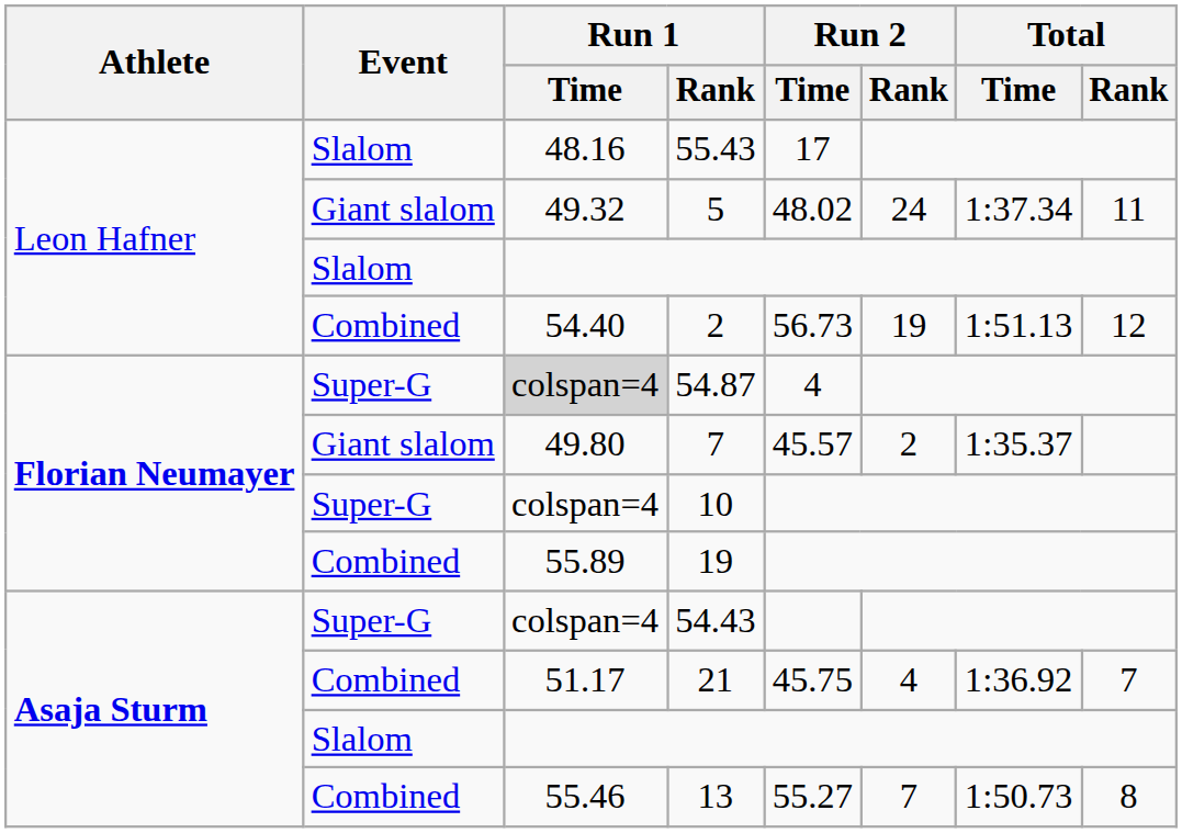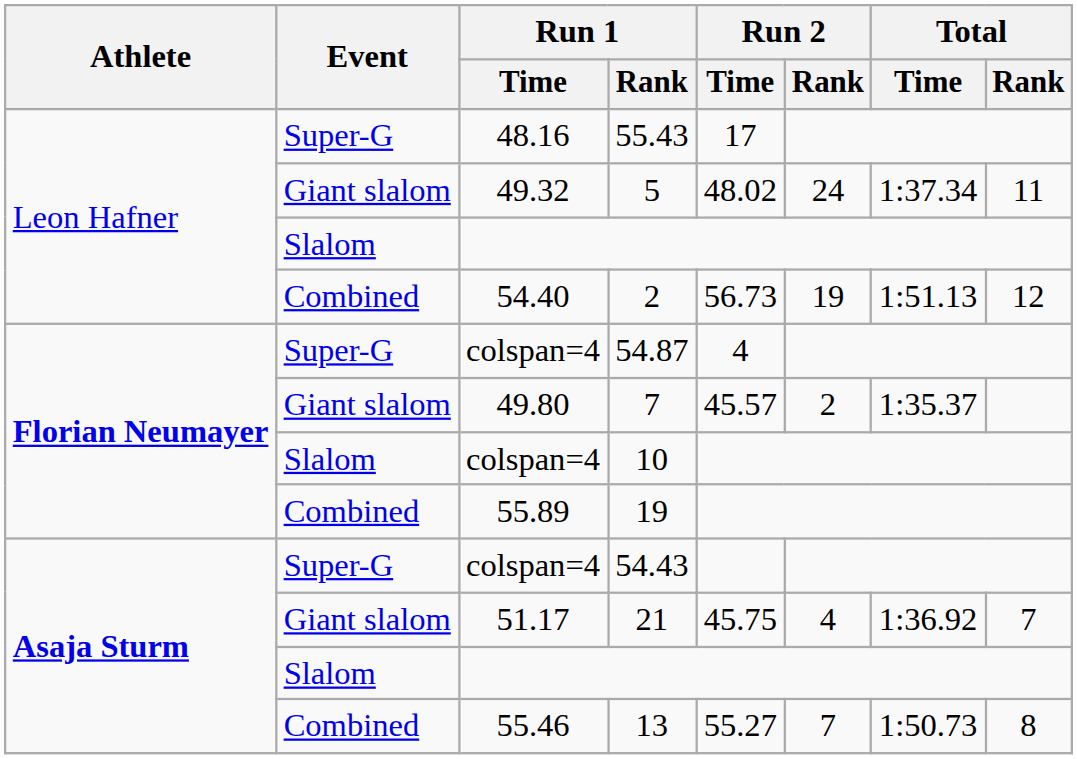 <table class="wikitable" style="font-size:90%">
 <tr>
 <th rowspan=2>Athlete</th>
 <th rowspan=2>Event</th>
 <th colspan=2>Run 1</th>
 <th colspan=2>Run 2</th>
 <th colspan=2>Total</th>
 </tr>
 <tr style="font-size:95%">
 <th>Time</th>
 <th>Rank</th>
 <th>Time</th>
 <th>Rank</th>
 <th>Time</th>
 <th>Rank</th>
 </tr>
 <tr align=center>
 <td align="left" rowspan="4"><a href='#'>Leon Hafner</a></td>
-<td align="left"><a href='#'>Slalom</a></td>
+<td align="left"><a href='#'>Super-G</a></td>
 <td>48.16</td>
 <td>55.43</td>
 <td>17</td>
 </tr>
 <tr align=center>
 <td align="left"><a href='#'>Giant slalom</a></td>
 <td>49.32</td>
 <td>5</td>
 <td>48.02</td>
 <td>24</td>
 <td>1:37.34</td>
 <td>11</td>
 </tr>
 <tr align=center>
 <td align="left"><a href='#'>Slalom</a></td>
 <td colspan=6></td>
 </tr>
 <tr align=center>
 <td align="left"><a href='#'>Combined</a></td>
 <td>54.40</td>
 <td>2</td>
 <td>56.73</td>
 <td>19</td>
 <td>1:51.13</td>
 <td>12</td>
 </tr>
 <tr align=center>
 <td align="left" rowspan="4"><strong><a href='#'>Florian Neumayer</a></strong></td>
 <td align="left"><a href='#'>Super-G</a></td>
-<td style="background: lightgrey;">colspan=4</td>
+<td>colspan=4</td>
 <td>54.87</td>
 <td>4</td>
 </tr>
 <tr align=center>
 <td align="left"><a href='#'>Giant slalom</a></td>
 <td>49.80</td>
 <td>7</td>
 <td>45.57</td>
 <td>2</td>
 <td>1:35.37</td>
 <td></td>
 </tr>
 <tr align=center>
-<td align="left"><a href='#'>Super-G</a></td>
+<td align="left"><a href='#'>Slalom</a></td>
 <td>colspan=4</td>
 <td>10</td>
 <td colspan=4></td>
 </tr>
 <tr align=center>
 <td align="left"><a href='#'>Combined</a></td>
 <td>55.89</td>
 <td>19</td>
 <td colspan=4></td>
 </tr>
 <tr align=center>
 <td align="left" rowspan="4"><strong><a href='#'>Asaja Sturm</a></strong></td>
 <td align="left"><a href='#'>Super-G</a></td>
 <td>colspan=4</td>
 <td>54.43</td>
 <td></td>
 </tr>
 <tr align=center>
-<td align="left"><a href='#'>Combined</a></td>
+<td align="left"><a href='#'>Giant slalom</a></td>
 <td>51.17</td>
 <td>21</td>
 <td>45.75</td>
 <td>4</td>
 <td>1:36.92</td>
 <td>7</td>
 </tr>
 <tr align=center>
 <td align="left"><a href='#'>Slalom</a></td>
 <td colspan=6></td>
 </tr>
 <tr align=center>
 <td align="left"><a href='#'>Combined</a></td>
 <td>55.46</td>
 <td>13</td>
 <td>55.27</td>
 <td>7</td>
 <td>1:50.73</td>
 <td>8</td>
 </tr>
 </table>
